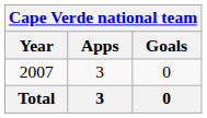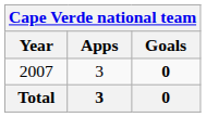 <table class="wikitable" style="text-align:center">
 <tr>
 <th colspan=3><a href='#'>Cape Verde national team</a></th>
 </tr>
 <tr>
 <th>Year</th>
 <th>Apps</th>
 <th>Goals</th>
 </tr>
 <tr>
 <td>2007</td>
 <td>3</td>
-<td>0</td>
+<td><strong>0</strong></td>
 </tr>
 <tr>
 <th>Total</th>
 <th>3</th>
 <th>0</th>
 </tr>
 </table>
